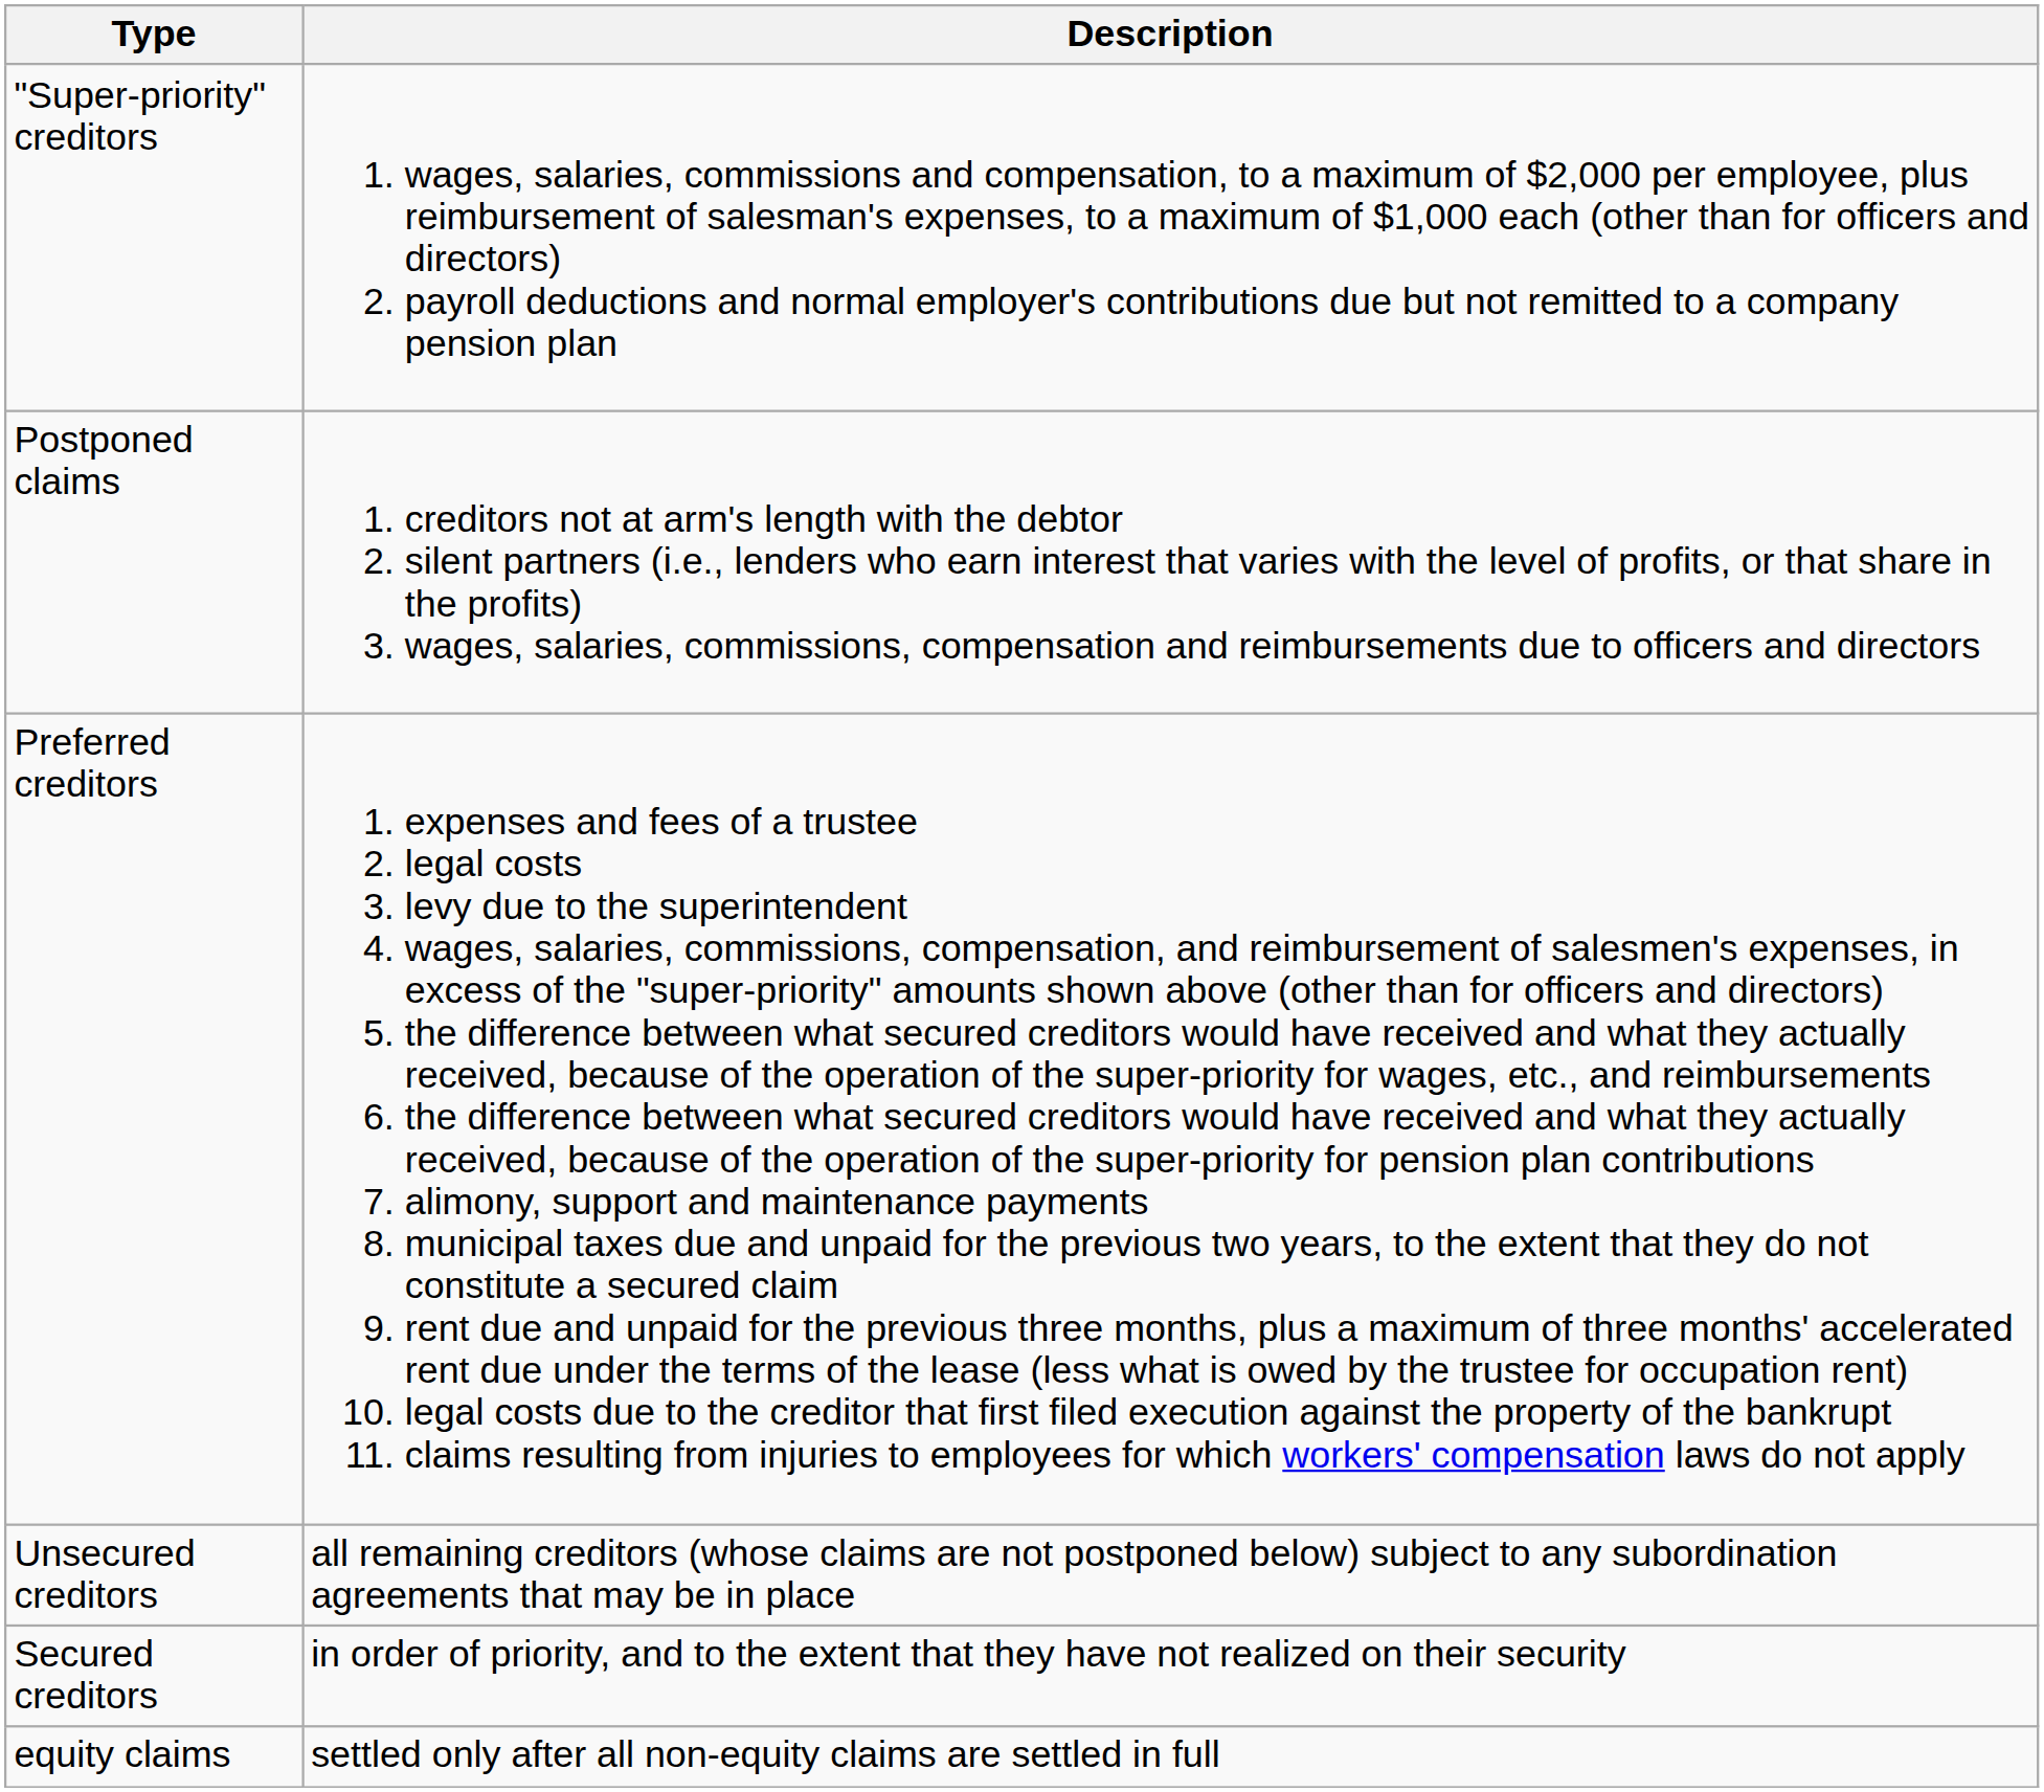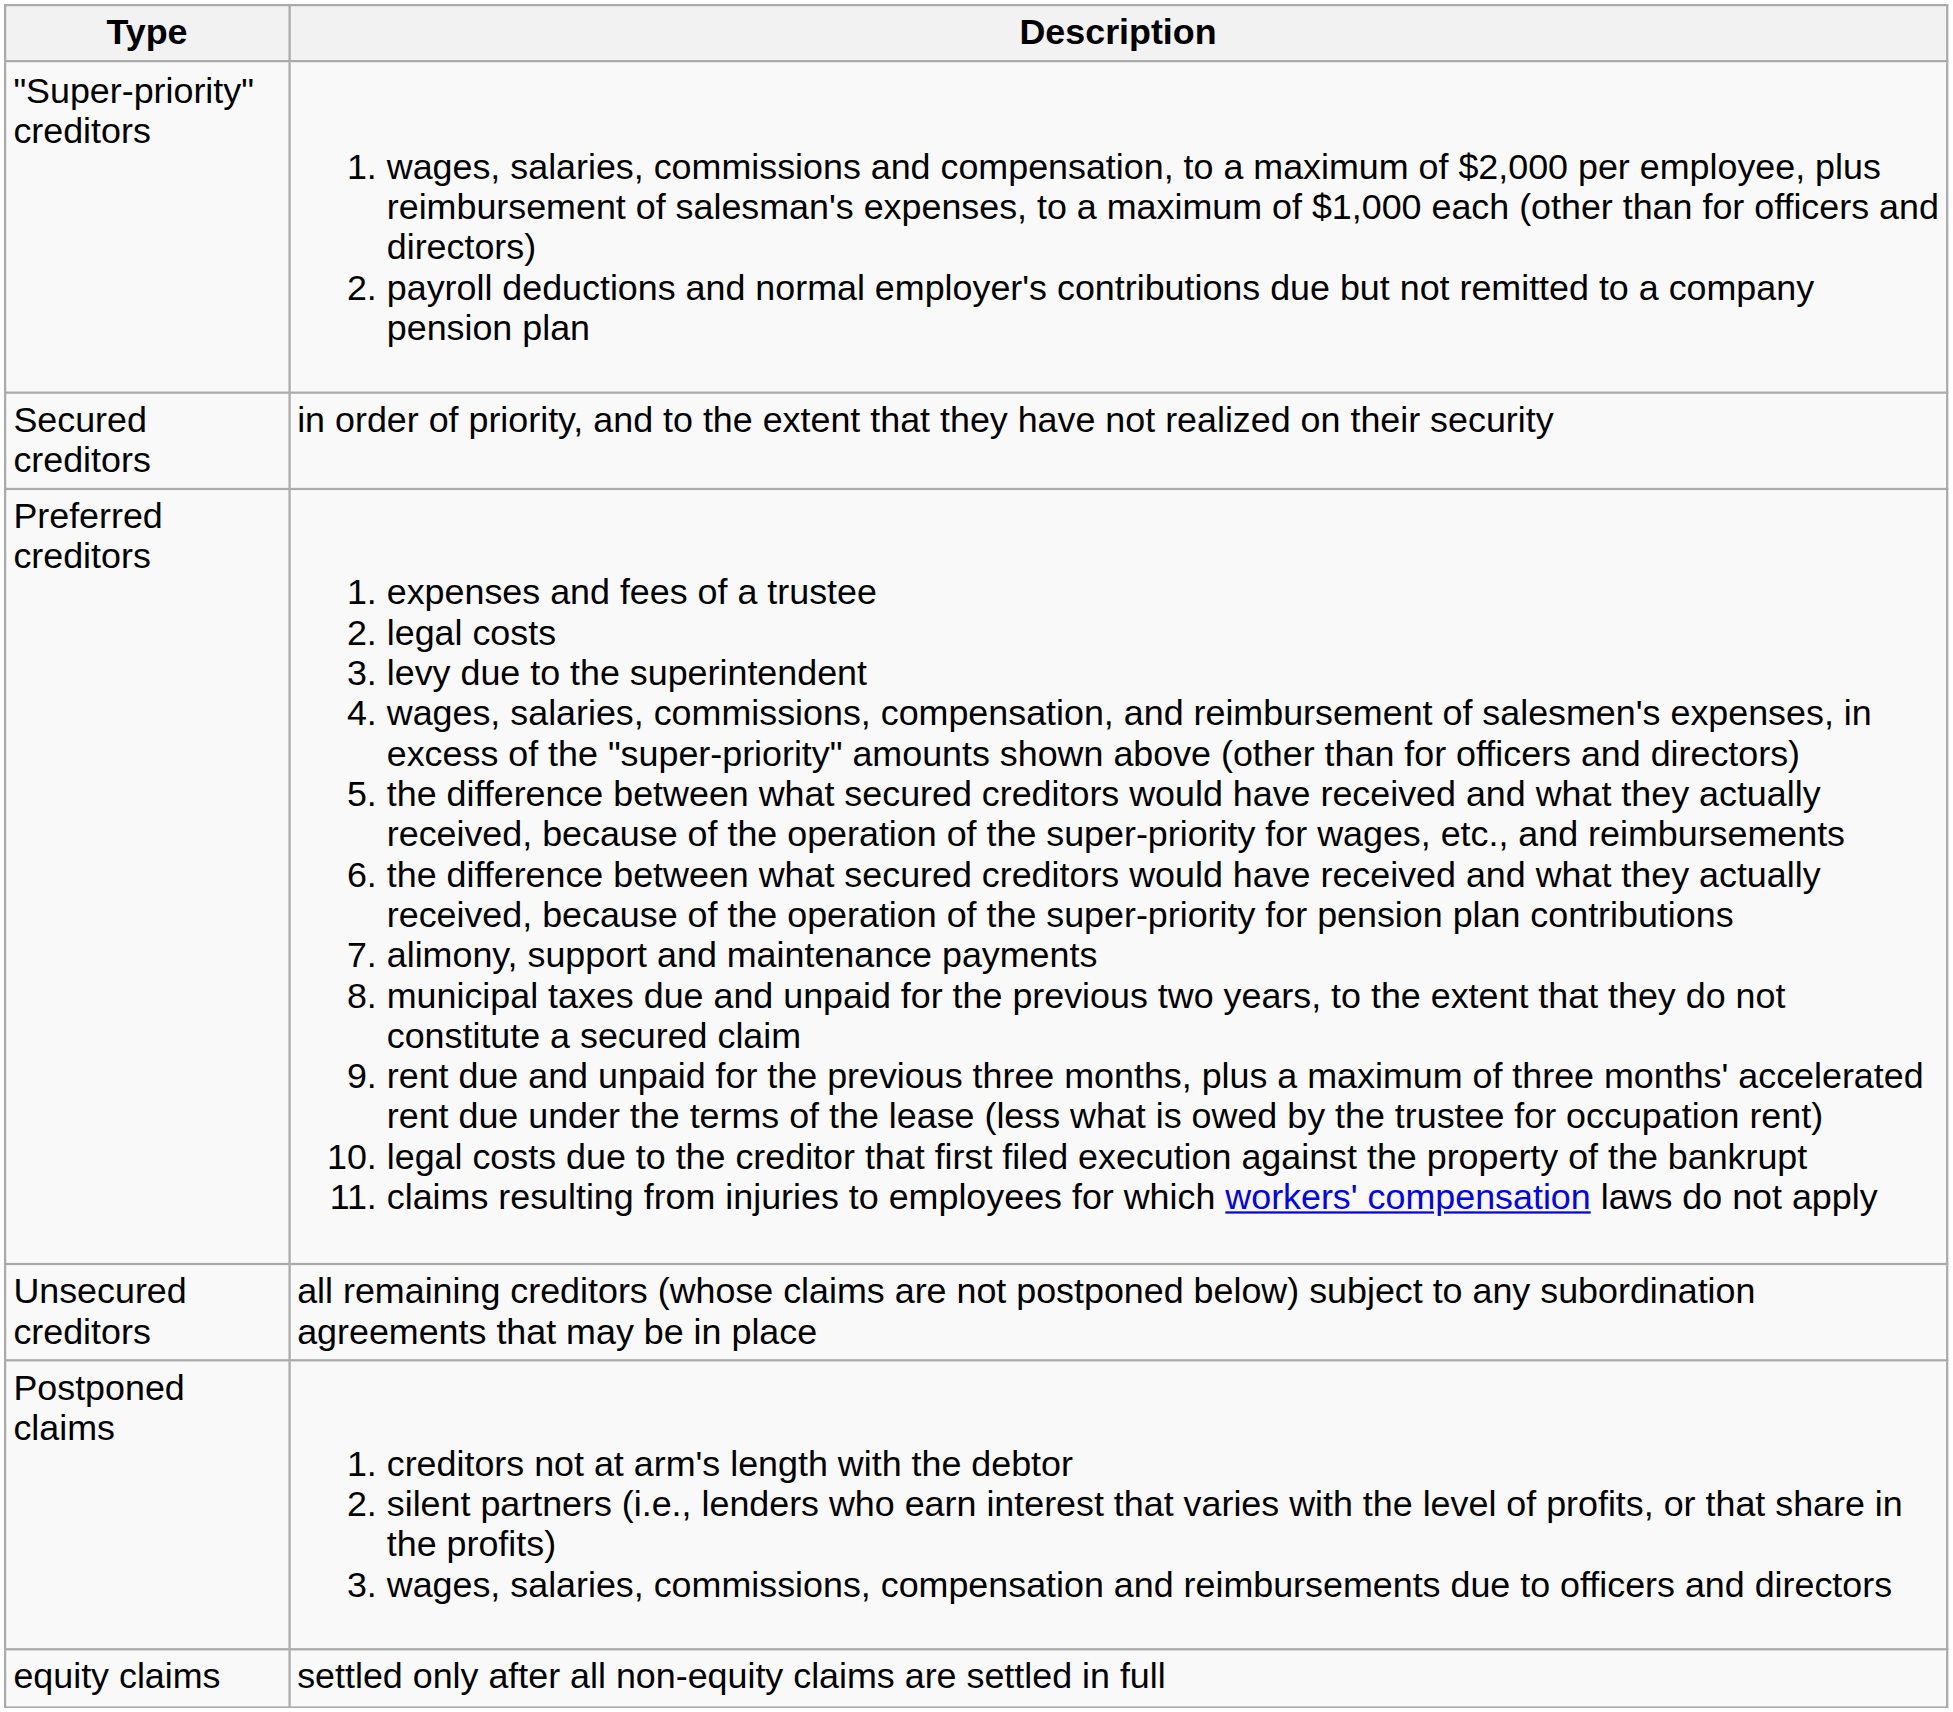 <table class="wikitable">
 <tr>
 <th>Type</th>
 <th>Description</th>
 </tr>
 <tr valign="top">
 <td>"Super-priority" creditors</td>
 <td><br><ol><li>wages, salaries, commissions and compensation, to a maximum of $2,000 per employee, plus reimbursement of salesman's expenses, to a maximum of $1,000 each (other than for officers and directors)</li><li>payroll deductions and normal employer's contributions due but not remitted to a company pension plan</li></ol></td>
 </tr>
 <tr valign="top">
-<td>Postponed claims</td>
-<td><br><ol><li>creditors not at arm's length with the debtor</li><li>silent partners (i.e., lenders who earn interest that varies with the level of profits, or that share in the profits)</li><li>wages, salaries, commissions, compensation and reimbursements due to officers and directors</li></ol></td>
+<td>Secured creditors</td>
+<td>in order of priority, and to the extent that they have not realized on their security</td>
 </tr>
 <tr valign="top">
 <td>Preferred creditors</td>
 <td><br><ol><li>expenses and fees of a trustee</li><li>legal costs</li><li>levy due to the superintendent</li><li>wages, salaries, commissions, compensation, and reimbursement of salesmen's expenses, in excess of the "super-priority" amounts shown above (other than for officers and directors)</li><li>the difference between what secured creditors would have received and what they actually received, because of the operation of the super-priority for wages, etc., and reimbursements</li><li>the difference between what secured creditors would have received and what they actually received, because of the operation of the super-priority for pension plan contributions</li><li>alimony, support and maintenance payments</li><li>municipal taxes due and unpaid for the previous two years, to the extent that they do not constitute a secured claim</li><li>rent due and unpaid for the previous three months, plus a maximum of three months' accelerated rent due under the terms of the lease (less what is owed by the trustee for occupation rent)</li><li>legal costs due to the creditor that first filed execution against the property of the bankrupt</li><li>claims resulting from injuries to employees for which <a href='#'>workers' compensation</a> laws do not apply</li></ol></td>
 </tr>
 <tr valign="top">
 <td>Unsecured creditors</td>
 <td>all remaining creditors (whose claims are not postponed below) subject to any subordination agreements that may be in place</td>
 </tr>
 <tr valign="top">
-<td>Secured creditors</td>
-<td>in order of priority, and to the extent that they have not realized on their security</td>
+<td>Postponed claims</td>
+<td><br><ol><li>creditors not at arm's length with the debtor</li><li>silent partners (i.e., lenders who earn interest that varies with the level of profits, or that share in the profits)</li><li>wages, salaries, commissions, compensation and reimbursements due to officers and directors</li></ol></td>
 </tr>
 <tr valign="top">
 <td>equity claims</td>
 <td>settled only after all non-equity claims are settled in full</td>
 </tr>
 </table>
